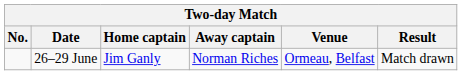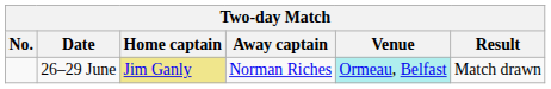 <table class="wikitable">
 <tr>
 <th colspan="9">Two-day Match</th>
 </tr>
 <tr>
 <th>No.</th>
 <th>Date</th>
 <th>Home captain</th>
 <th>Away captain</th>
 <th>Venue</th>
 <th>Result</th>
 </tr>
 <tr>
 <td></td>
 <td>26–29 June</td>
-<td><a href='#'>Jim Ganly</a></td>
+<td style="background: khaki;"><a href='#'>Jim Ganly</a></td>
 <td><a href='#'>Norman Riches</a></td>
-<td><a href='#'>Ormeau</a>, <a href='#'>Belfast</a></td>
+<td style="background: paleturquoise;"><a href='#'>Ormeau</a>, <a href='#'>Belfast</a></td>
 <td>Match drawn</td>
 </tr>
 </table>
